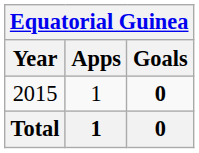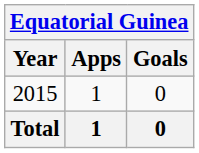 <table class="wikitable" style="text-align:center">
 <tr>
 <th colspan=3><a href='#'>Equatorial Guinea</a></th>
 </tr>
 <tr>
 <th>Year</th>
 <th>Apps</th>
 <th>Goals</th>
 </tr>
 <tr>
 <td>2015</td>
 <td>1</td>
-<td><strong>0</strong></td>
+<td>0</td>
 </tr>
 <tr>
 <th>Total</th>
 <th>1</th>
 <th>0</th>
 </tr>
 </table>
